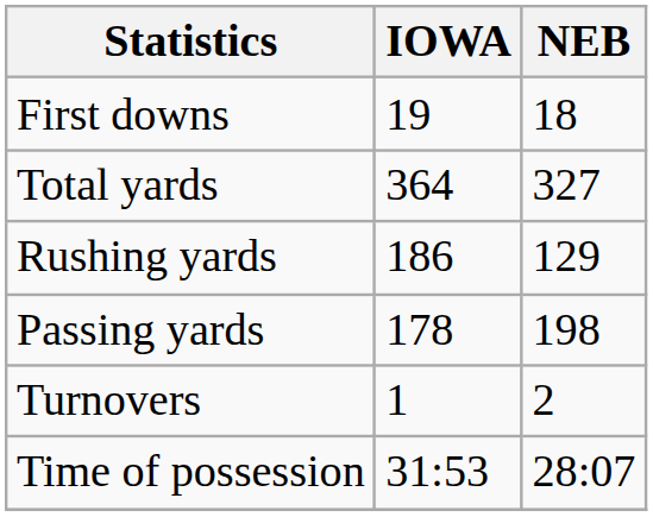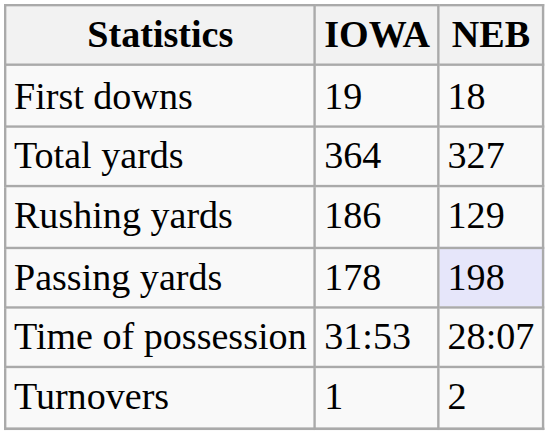 <table class="wikitable">
 <tr>
 <th>Statistics</th>
 <th>IOWA</th>
 <th>NEB</th>
 </tr>
 <tr>
 <td>First downs</td>
 <td>19</td>
 <td>18</td>
 </tr>
 <tr>
 <td>Total yards</td>
 <td>364</td>
 <td>327</td>
 </tr>
 <tr>
 <td>Rushing yards</td>
 <td>186</td>
 <td>129</td>
 </tr>
 <tr>
 <td>Passing yards</td>
 <td>178</td>
-<td>198</td>
+<td style="background: lavender;">198</td>
+</tr>
+<tr>
+<td>Time of possession</td>
+<td>31:53</td>
+<td>28:07</td>
 </tr>
 <tr>
 <td>Turnovers</td>
 <td>1</td>
 <td>2</td>
 </tr>
 <tr>
-<td>Time of possession</td>
-<td>31:53</td>
-<td>28:07</td>
-</tr>
-<tr>
 </tr>
 </table>
